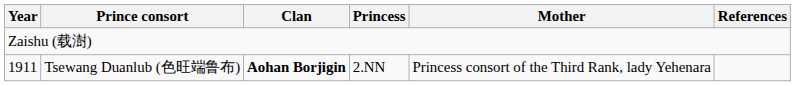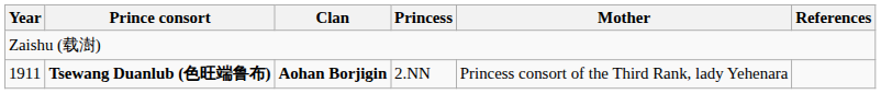 <table class="wikitable">
 <tr>
 <th>Year</th>
 <th>Prince consort</th>
 <th>Clan</th>
 <th>Princess</th>
 <th>Mother</th>
 <th>References</th>
 </tr>
 <tr>
 <td colspan="6">Zaishu (载澍)</td>
 </tr>
 <tr>
 <td>1911</td>
-<td>Tsewang Duanlub (色旺端鲁布)</td>
+<td><strong>Tsewang Duanlub (色旺端鲁布)</strong></td>
 <td><strong>Aohan Borjigin</strong></td>
 <td>2.NN</td>
 <td>Princess consort of the Third Rank, lady Yehenara</td>
 <td></td>
 </tr>
 </table>
